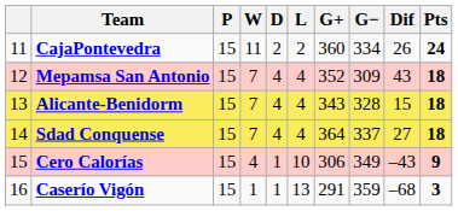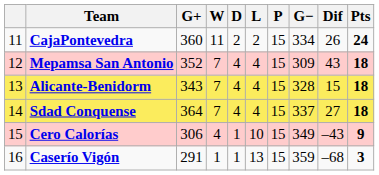 <table class="wikitable sortable" style="text-align: center;">
 <tr>
 <th align="center"></th>
 <th align="center">Team</th>
-<th align="center">P</th>
+<th align="center">G+</th>
 <th align="center">W</th>
 <th align="center">D</th>
 <th align="center">L</th>
-<th align="center">G+</th>
+<th align="center">P</th>
 <th align="center">G−</th>
 <th align="center">Dif</th>
 <th align="center">Pts</th>
 </tr>
 <tr style="background:">
 <td>11</td>
 <td align="left"><strong><a href='#'>CajaPontevedra</a></strong></td>
-<td>15</td>
+<td>360</td>
 <td>11</td>
 <td>2</td>
 <td>2</td>
-<td>360</td>
+<td>15</td>
 <td>334</td>
 <td>26</td>
 <td><strong>24</strong></td>
 </tr>
 <tr style="background: #FFCCCC;">
 <td>12</td>
 <td align="left"><strong><a href='#'>Mepamsa San Antonio</a></strong></td>
-<td>15</td>
+<td>352</td>
 <td>7</td>
 <td>4</td>
 <td>4</td>
-<td>352</td>
+<td>15</td>
 <td>309</td>
 <td>43</td>
 <td><strong>18</strong></td>
 </tr>
 <tr style="background: #FBEC5D;">
 <td>13</td>
 <td align="left"><strong><a href='#'>Alicante-Benidorm</a></strong></td>
-<td>15</td>
+<td>343</td>
 <td>7</td>
 <td>4</td>
 <td>4</td>
-<td>343</td>
+<td>15</td>
 <td>328</td>
 <td>15</td>
 <td><strong>18</strong></td>
 </tr>
 <tr style="background: #FBEC5D;">
 <td>14</td>
 <td align="left"><strong><a href='#'>Sdad Conquense</a></strong></td>
-<td>15</td>
+<td>364</td>
 <td>7</td>
 <td>4</td>
 <td>4</td>
-<td>364</td>
+<td>15</td>
 <td>337</td>
 <td>27</td>
 <td><strong>18</strong></td>
 </tr>
 <tr style="background: #FFCCCC;">
 <td>15</td>
 <td align="left"><strong><a href='#'>Cero Calorías</a></strong></td>
-<td>15</td>
+<td>306</td>
 <td>4</td>
 <td>1</td>
 <td>10</td>
-<td>306</td>
+<td>15</td>
 <td>349</td>
 <td>–43</td>
 <td><strong>9</strong></td>
 </tr>
 <tr style="background:">
 <td>16</td>
 <td align="left"><strong><a href='#'>Caserío Vigón</a></strong></td>
-<td>15</td>
+<td>291</td>
 <td>1</td>
 <td>1</td>
 <td>13</td>
-<td>291</td>
+<td>15</td>
 <td>359</td>
 <td>–68</td>
 <td><strong>3</strong></td>
 </tr>
 </table>
